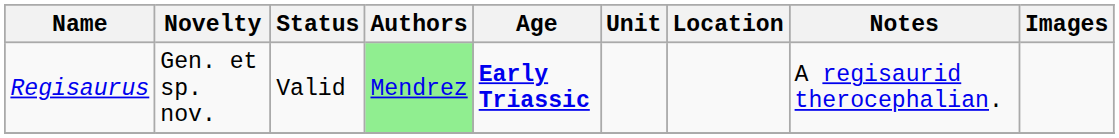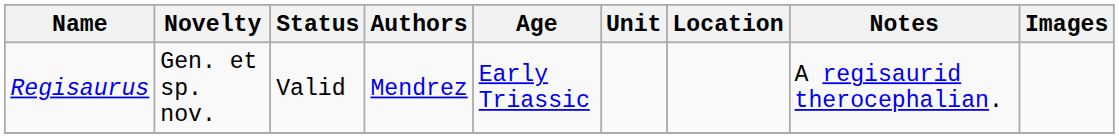 <table class="wikitable sortable" align="center" width="100%">
 <tr>
 <th>Name</th>
 <th>Novelty</th>
 <th>Status</th>
 <th>Authors</th>
 <th>Age</th>
 <th>Unit</th>
 <th>Location</th>
 <th>Notes</th>
 <th>Images</th>
 </tr>
 <tr>
 <td><em><a href='#'>Regisaurus</a></em></td>
 <td>Gen. et sp. nov.</td>
 <td>Valid</td>
-<td style="background: lightgreen;"><a href='#'>Mendrez</a></td>
-<td><strong><a href='#'>Early Triassic</a></strong></td>
+<td><a href='#'>Mendrez</a></td>
+<td><a href='#'>Early Triassic</a></td>
 <td></td>
 <td></td>
 <td>A <a href='#'>regisaurid</a> <a href='#'>therocephalian</a>.</td>
 <td></td>
 </tr>
 <tr>
 </tr>
 </table>
